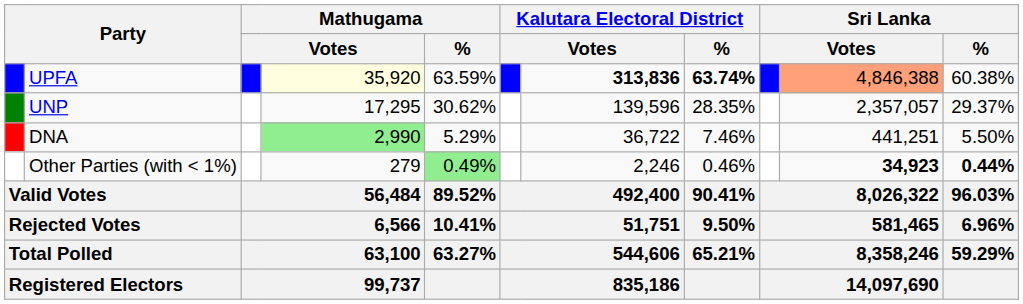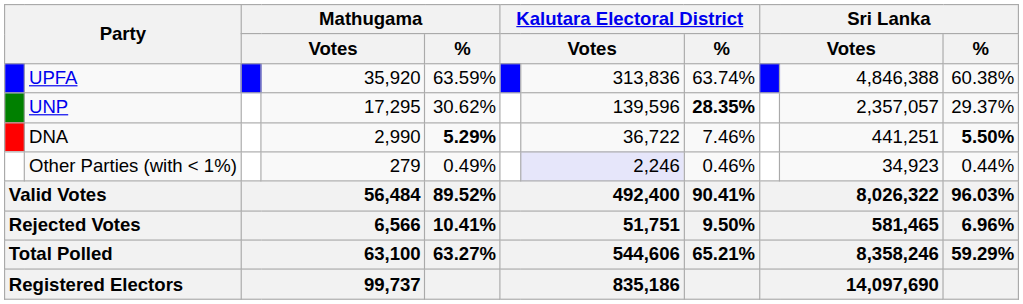 <table class="wikitable">
 <tr>
 <th colspan="2" width="144px"rowspan="2">Party</th>
 <th colspan="3" width="216px">Mathugama</th>
 <th colspan="3" width="216px"><a href='#'>Kalutara Electoral District</a></th>
 <th colspan="3" width="216px">Sri Lanka</th>
 </tr>
 <tr>
 <th colspan="2" width="144px">Votes</th>
 <th>%</th>
 <th colspan="2" width="144px">Votes</th>
 <th>%</th>
 <th colspan="2" width="144px">Votes</th>
 <th>%</th>
 </tr>
 <tr>
 <td style="background-color:blue;" width="10px"></td>
 <td style="text-align:left;"><a href='#'>UPFA</a></td>
 <td style="background-color:blue;" width="10px"></td>
-<td style="background: lightyellow; text-align:right;">35,920</td>
+<td style="text-align:right;">35,920</td>
 <td style="text-align:right;">63.59%</td>
 <td style="background-color:blue;" width="10px"></td>
-<td style="text-align:right;"><strong>313,836</strong></td>
-<td style="text-align:right;"><strong>63.74%</strong></td>
+<td style="text-align:right;">313,836</td>
+<td style="text-align:right;">63.74%</td>
 <td style="background-color:blue;" width="10px"></td>
-<td style="background: lightsalmon; text-align:right;">4,846,388</td>
+<td style="text-align:right;">4,846,388</td>
 <td style="text-align:right;">60.38%</td>
 </tr>
 <tr>
 <td style="background-color:green;" width="10px"></td>
 <td style="text-align:left;"><a href='#'>UNP</a></td>
 <td style="background-color:white;" width="10px"></td>
 <td style="text-align:right;">17,295</td>
 <td style="text-align:right;">30.62%</td>
 <td style="background-color:white;" width="10px"></td>
 <td style="text-align:right;">139,596</td>
-<td style="text-align:right;">28.35%</td>
+<td style="text-align:right;"><strong>28.35%</strong></td>
 <td style="background-color:white;" width="10px"></td>
 <td style="text-align:right;">2,357,057</td>
 <td style="text-align:right;">29.37%</td>
 </tr>
 <tr>
 <td style="background-color:red;" width="10px"></td>
 <td style="text-align:left;">DNA</td>
 <td style="background-color:white;" width="10px"></td>
-<td style="background: lightgreen; text-align:right;">2,990</td>
-<td style="text-align:right;">5.29%</td>
+<td style="text-align:right;">2,990</td>
+<td style="text-align:right;"><strong>5.29%</strong></td>
 <td style="background-color:white;" width="10px"></td>
 <td style="text-align:right;">36,722</td>
 <td style="text-align:right;">7.46%</td>
 <td style="background-color:white;" width="10px"></td>
 <td style="text-align:right;">441,251</td>
-<td style="text-align:right;">5.50%</td>
+<td style="text-align:right;"><strong>5.50%</strong></td>
 </tr>
 <tr>
 <td style="background-color:white;" width="10px"></td>
 <td style="text-align:left;">Other Parties (with < 1%)</td>
 <td style="background-color:white;" width="10px"></td>
 <td style="text-align:right;">279</td>
-<td style="background: lightgreen; text-align:right;">0.49%</td>
+<td style="text-align:right;">0.49%</td>
 <td style="background-color:white;" width="10px"></td>
-<td style="text-align:right;">2,246</td>
+<td style="background: lavender; text-align:right;">2,246</td>
 <td style="text-align:right;">0.46%</td>
 <td style="background-color:white;" width="10px"></td>
-<td style="text-align:right;"><strong>34,923</strong></td>
-<td style="text-align:right;"><strong>0.44%</strong></td>
+<td style="text-align:right;">34,923</td>
+<td style="text-align:right;">0.44%</td>
 </tr>
 <tr>
 <th colspan="2" width="144px"style="text-align:left;">Valid Votes</th>
 <th style="text-align:right;"colspan="2" width="144px">56,484</th>
 <th style="text-align:right;">89.52%</th>
 <th style="text-align:right;"colspan="2" width="144px">492,400</th>
 <th style="text-align:right;">90.41%</th>
 <th style="text-align:right;"colspan="2" width="144px">8,026,322</th>
 <th style="text-align:right;">96.03%</th>
 </tr>
 <tr>
 <th colspan="2" width="144px"style="text-align:left;">Rejected Votes</th>
 <th style="text-align:right;"colspan="2" width="144px">6,566</th>
 <th style="text-align:right;">10.41%</th>
 <th style="text-align:right;"colspan="2" width="144px">51,751</th>
 <th style="text-align:right;">9.50%</th>
 <th style="text-align:right;"colspan="2" width="144px">581,465</th>
 <th style="text-align:right;">6.96%</th>
 </tr>
 <tr>
 <th colspan="2" width="144px"style="text-align:left;">Total Polled</th>
 <th style="text-align:right;"colspan="2" width="144px">63,100</th>
 <th style="text-align:right;">63.27%</th>
 <th style="text-align:right;"colspan="2" width="144px">544,606</th>
 <th style="text-align:right;">65.21%</th>
 <th style="text-align:right;"colspan="2" width="144px">8,358,246</th>
 <th style="text-align:right;">59.29%</th>
 </tr>
 <tr>
 <th colspan="2" width="144px"style="text-align:left;">Registered Electors</th>
 <th style="text-align:right;"colspan="2" width="144px">99,737</th>
 <th></th>
 <th style="text-align:right;"colspan="2" width="144px">835,186</th>
 <th></th>
 <th style="text-align:right;"colspan="2" width="144px">14,097,690</th>
 <th></th>
 </tr>
 </table>
